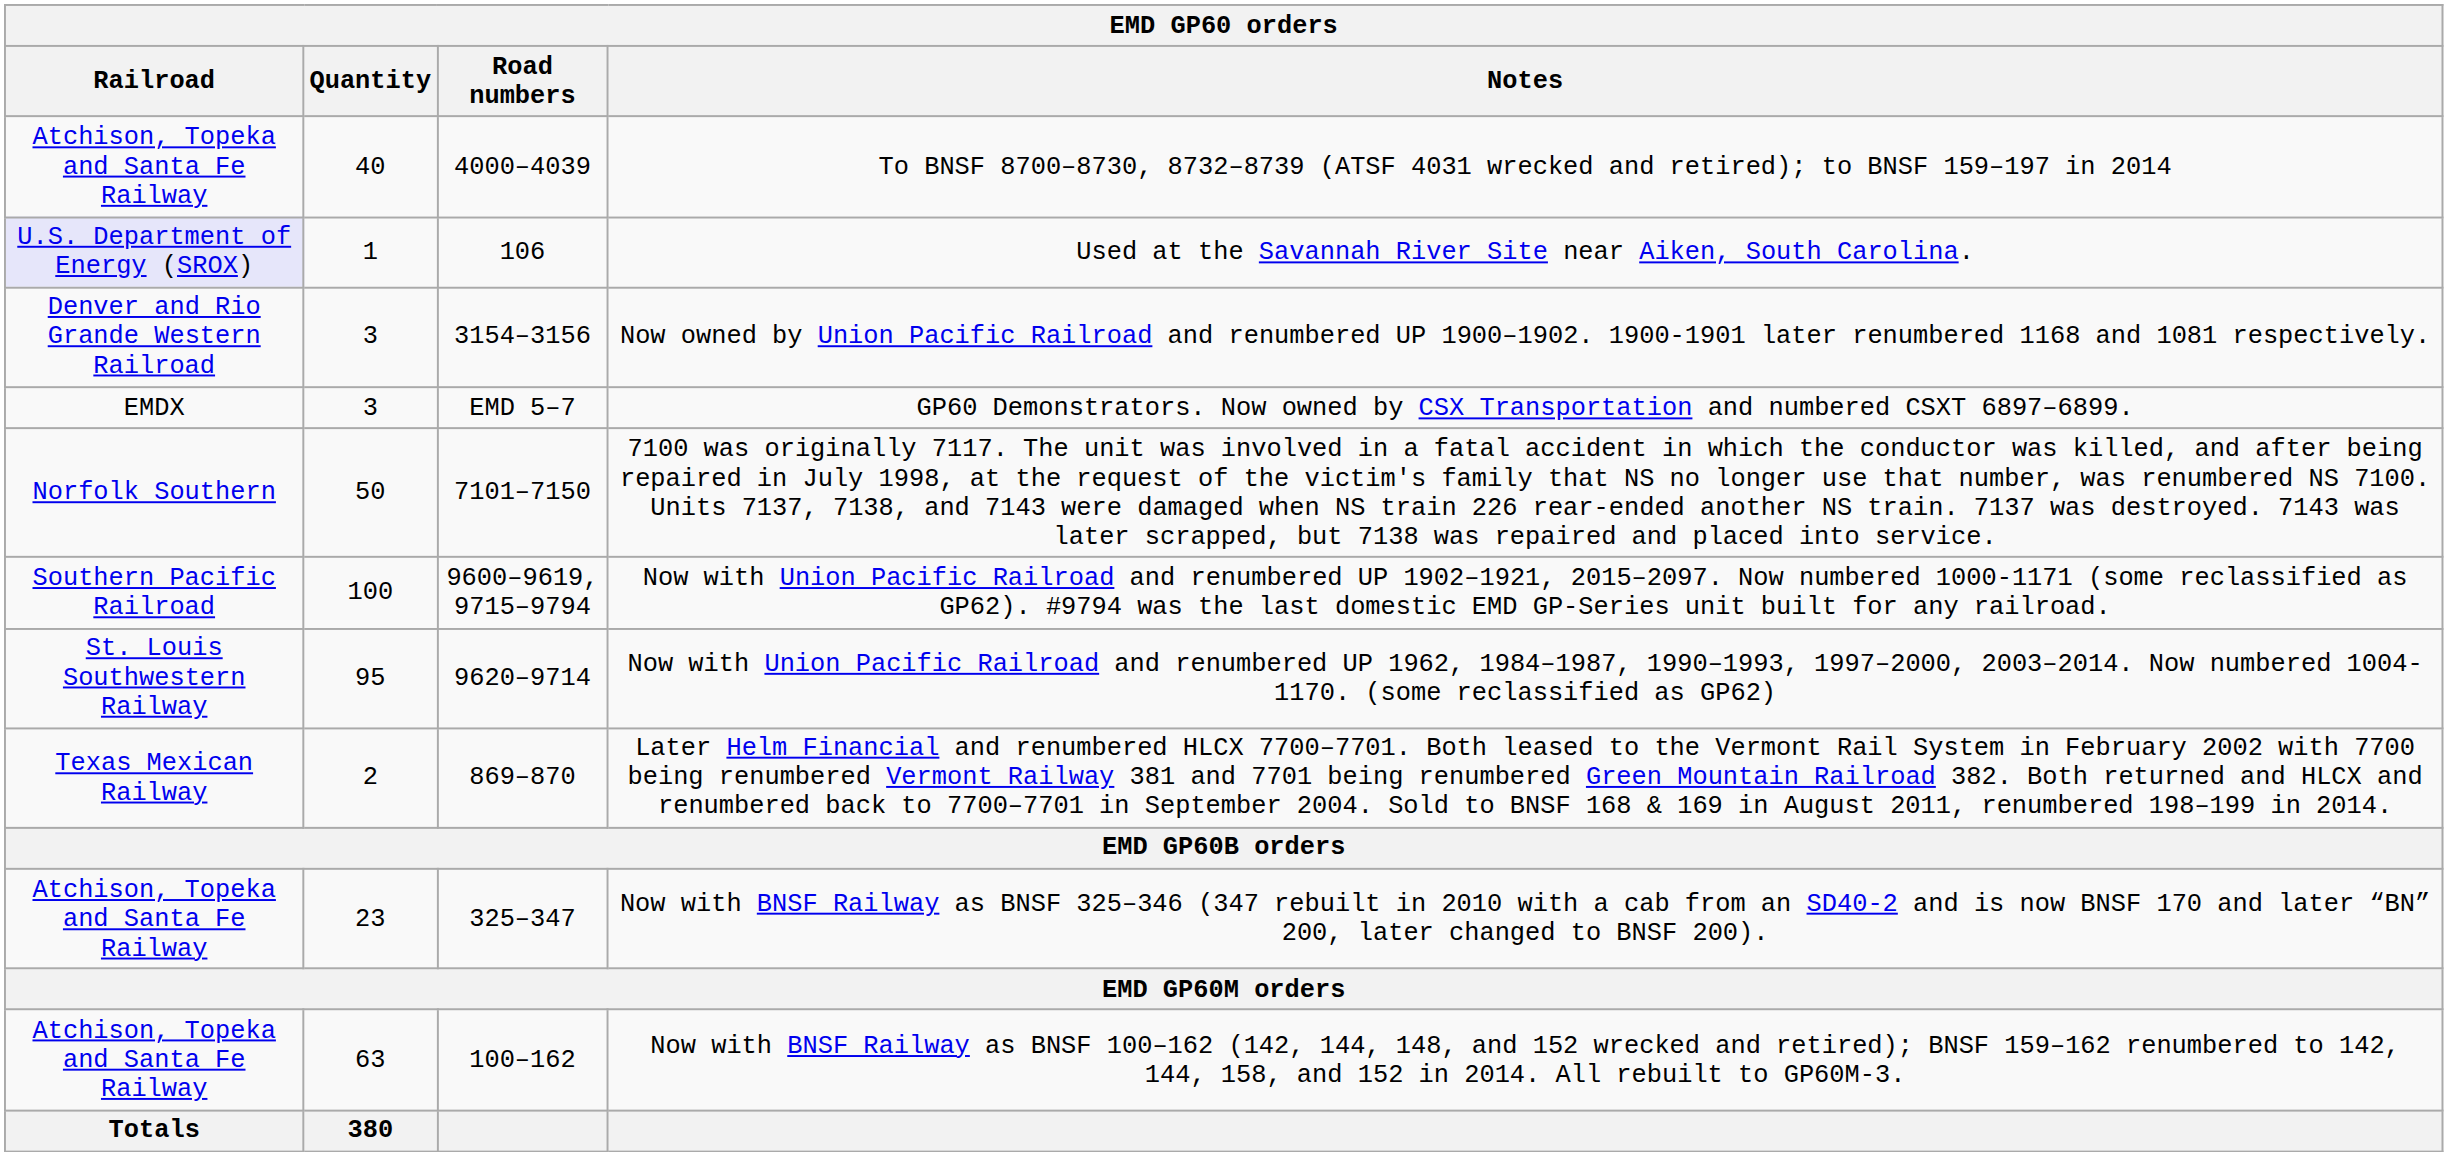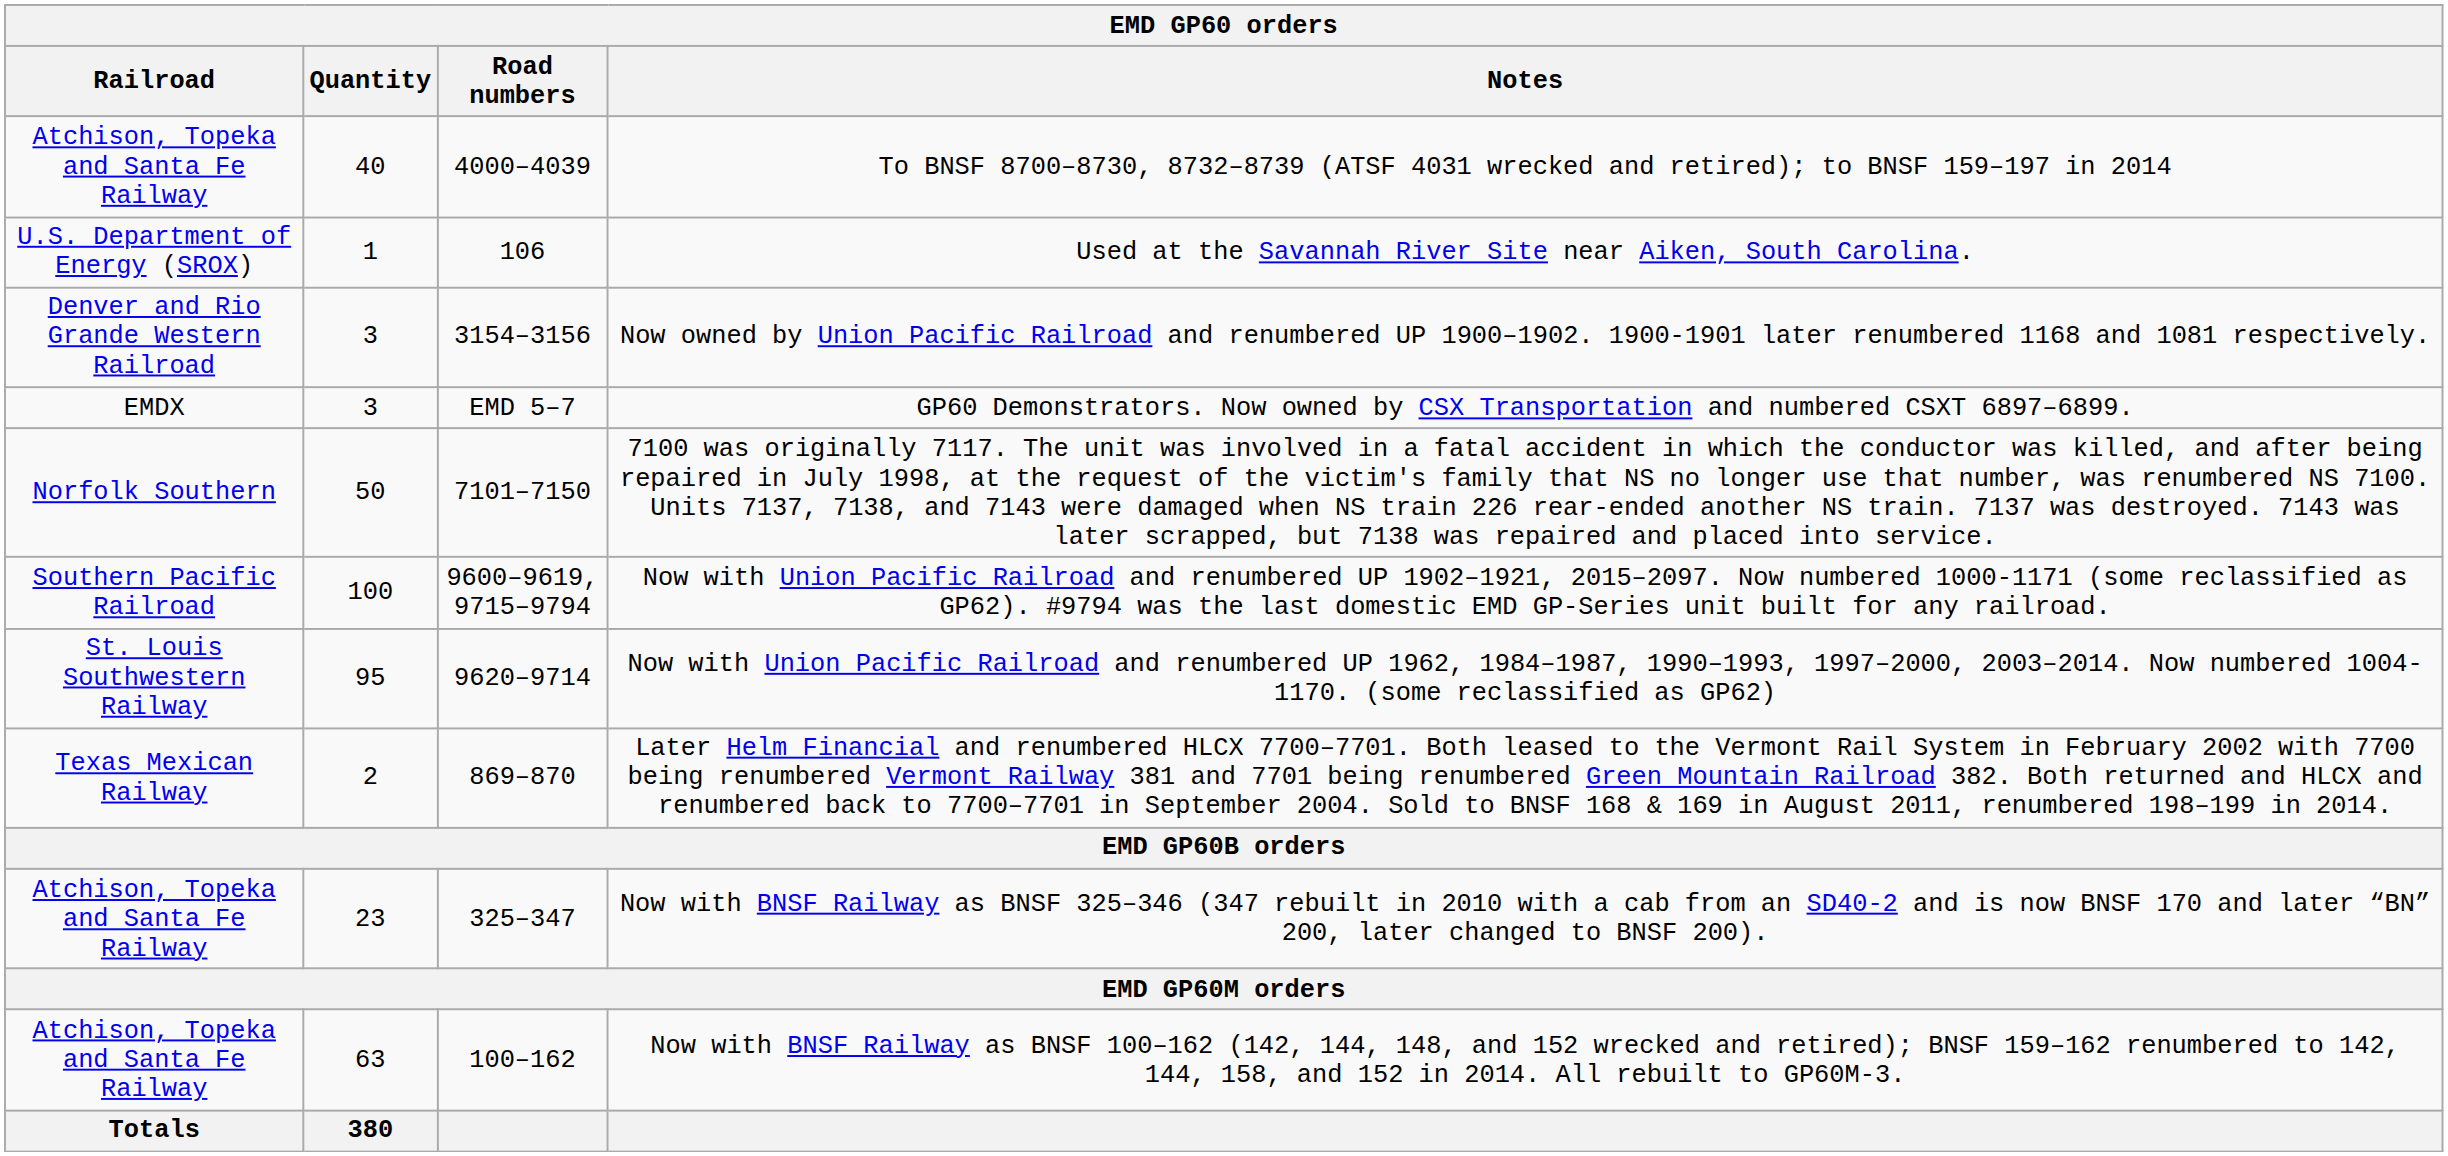 <table class="wikitable">
 <tr>
 <th colspan=4>EMD GP60 orders</th>
 </tr>
 <tr>
 <th>Railroad</th>
 <th>Quantity</th>
 <th>Road numbers</th>
 <th>Notes</th>
 </tr>
 <tr align="center">
 <td><a href='#'>Atchison, Topeka and Santa Fe Railway</a></td>
 <td>40</td>
 <td>4000–4039</td>
 <td>To BNSF 8700–8730, 8732–8739 (ATSF 4031 wrecked and retired); to BNSF 159–197 in 2014</td>
 </tr>
 <tr align="center">
-<td style="background: lavender;"><a href='#'>U.S. Department of Energy</a> (<a href='#'>SROX</a>)</td>
+<td><a href='#'>U.S. Department of Energy</a> (<a href='#'>SROX</a>)</td>
 <td>1</td>
 <td>106</td>
 <td>Used at the <a href='#'>Savannah River Site</a> near <a href='#'>Aiken, South Carolina</a>.</td>
 </tr>
 <tr align="center">
 <td><a href='#'>Denver and Rio Grande Western Railroad</a></td>
 <td>3</td>
 <td>3154–3156</td>
 <td>Now owned by <a href='#'>Union Pacific Railroad</a> and renumbered UP 1900–1902. 1900-1901 later renumbered 1168 and 1081 respectively.</td>
 </tr>
 <tr align="center">
 <td>EMDX</td>
 <td>3</td>
 <td>EMD 5–7</td>
 <td>GP60 Demonstrators. Now owned by <a href='#'>CSX Transportation</a> and numbered CSXT 6897–6899.</td>
 </tr>
 <tr align="center">
 <td><a href='#'>Norfolk Southern</a></td>
 <td>50</td>
 <td>7101–7150</td>
 <td>7100 was originally 7117. The unit was involved in a fatal accident in which the conductor was killed, and after being repaired in July 1998, at the request of the victim's family that NS no longer use that number, was renumbered NS 7100. Units 7137, 7138, and 7143 were damaged when NS train 226 rear-ended another NS train. 7137 was destroyed. 7143 was later scrapped, but 7138 was repaired and placed into service.</td>
 </tr>
 <tr align="center">
 <td><a href='#'>Southern Pacific Railroad</a></td>
 <td>100</td>
 <td>9600–9619, 9715–9794</td>
 <td>Now with <a href='#'>Union Pacific Railroad</a> and renumbered UP 1902–1921, 2015–2097. Now numbered 1000-1171 (some reclassified as GP62). #9794 was the last domestic EMD GP-Series unit built for any railroad.</td>
 </tr>
 <tr align="center">
 <td><a href='#'>St. Louis Southwestern Railway</a></td>
 <td>95</td>
 <td>9620–9714</td>
 <td>Now with <a href='#'>Union Pacific Railroad</a> and renumbered UP 1962, 1984–1987, 1990–1993, 1997–2000, 2003–2014. Now numbered 1004-1170. (some reclassified as GP62)</td>
 </tr>
 <tr align="center">
 <td><a href='#'>Texas Mexican Railway</a></td>
 <td>2</td>
 <td>869–870</td>
 <td>Later <a href='#'>Helm Financial</a> and renumbered HLCX 7700–7701. Both leased to the Vermont Rail System in February 2002 with 7700 being renumbered <a href='#'>Vermont Railway</a> 381 and 7701 being renumbered <a href='#'>Green Mountain Railroad</a> 382. Both returned and HLCX and renumbered back to 7700–7701 in September 2004. Sold to BNSF 168 & 169 in August 2011, renumbered 198–199 in 2014.</td>
 </tr>
 <tr align="center">
 <th colspan=4>EMD GP60B orders</th>
 </tr>
 <tr align="center">
 <td><a href='#'>Atchison, Topeka and Santa Fe Railway</a></td>
 <td>23</td>
 <td>325–347</td>
 <td>Now with <a href='#'>BNSF Railway</a> as BNSF 325–346 (347 rebuilt in 2010 with a cab from an <a href='#'>SD40-2</a> and is now BNSF 170 and later “BN” 200, later changed to BNSF 200).</td>
 </tr>
 <tr>
 <th colspan=4>EMD GP60M orders</th>
 </tr>
 <tr align="center">
 <td><a href='#'>Atchison, Topeka and Santa Fe Railway</a></td>
 <td>63</td>
 <td>100–162</td>
 <td>Now with <a href='#'>BNSF Railway</a> as BNSF 100–162 (142, 144, 148, and 152 wrecked and retired); BNSF 159–162 renumbered to 142, 144, 158, and 152 in 2014. All rebuilt to GP60M-3.</td>
 </tr>
 <tr>
 <th>Totals</th>
 <th>380</th>
 <th></th>
 <th></th>
 </tr>
 </table>
